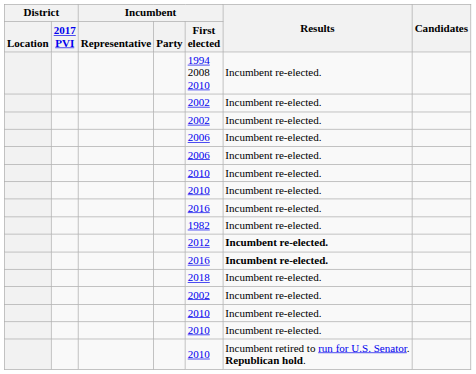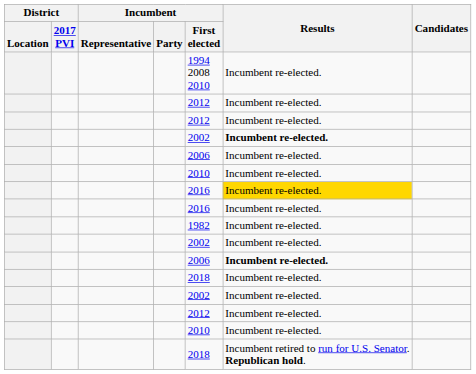 <table class="wikitable sortable">
 <tr>
 <th colspan=2>District</th>
 <th colspan=3>Incumbent</th>
 <th rowspan=2>Results</th>
 <th rowspan=2>Candidates</th>
 </tr>
 <tr valign=bottom>
 <th>Location</th>
 <th><a href='#'>2017<br>PVI</a></th>
 <th>Representative</th>
 <th>Party</th>
 <th>First<br>elected</th>
 </tr>
 <tr>
 <th></th>
 <td></td>
 <td></td>
 <td></td>
 <td><a href='#'>1994</a><br>2008 <br><a href='#'>2010</a></td>
 <td>Incumbent re-elected.</td>
 <td nowrap></td>
 </tr>
 <tr>
 <th></th>
 <td></td>
 <td></td>
 <td></td>
-<td><a href='#'>2002</a></td>
+<td><a href='#'>2012</a></td>
+<td>Incumbent re-elected.</td>
+<td nowrap></td>
+</tr>
+<tr>
+<th></th>
+<td></td>
+<td></td>
+<td></td>
+<td><a href='#'>2012</a></td>
 <td>Incumbent re-elected.</td>
 <td nowrap></td>
 </tr>
 <tr>
 <th></th>
 <td></td>
 <td></td>
 <td></td>
 <td><a href='#'>2002</a></td>
-<td>Incumbent re-elected.</td>
-<td nowrap></td>
-</tr>
-<tr>
-<th></th>
-<td></td>
-<td></td>
-<td></td>
-<td><a href='#'>2006</a></td>
-<td>Incumbent re-elected.</td>
+<td><strong>Incumbent re-elected.</strong></td>
 <td nowrap></td>
 </tr>
 <tr>
 <th></th>
 <td></td>
 <td></td>
 <td></td>
 <td><a href='#'>2006</a></td>
 <td>Incumbent re-elected.</td>
 <td></td>
 </tr>
 <tr>
 <th></th>
 <td></td>
 <td></td>
 <td></td>
 <td><a href='#'>2010</a></td>
 <td>Incumbent re-elected.</td>
 <td nowrap></td>
 </tr>
 <tr>
 <th></th>
 <td></td>
 <td></td>
 <td></td>
-<td><a href='#'>2010</a></td>
-<td>Incumbent re-elected.</td>
+<td><a href='#'>2016</a></td>
+<td style="background: gold;">Incumbent re-elected.</td>
 <td nowrap></td>
 </tr>
 <tr>
 <th></th>
 <td></td>
 <td></td>
 <td></td>
 <td><a href='#'>2016 </a></td>
 <td>Incumbent re-elected.</td>
 <td nowrap></td>
 </tr>
 <tr>
 <th></th>
 <td></td>
 <td></td>
 <td></td>
 <td><a href='#'>1982</a></td>
 <td>Incumbent re-elected.</td>
 <td nowrap></td>
 </tr>
 <tr>
 <th></th>
 <td></td>
 <td></td>
 <td></td>
-<td><a href='#'>2012</a></td>
-<td><strong>Incumbent re-elected.</strong></td>
+<td><a href='#'>2002</a></td>
+<td>Incumbent re-elected.</td>
 <td nowrap></td>
 </tr>
 <tr>
 <th></th>
 <td></td>
 <td></td>
 <td></td>
-<td><a href='#'>2016</a></td>
+<td><a href='#'>2006</a></td>
 <td><strong>Incumbent re-elected.</strong></td>
 <td nowrap></td>
 </tr>
 <tr>
 <th></th>
 <td></td>
 <td></td>
 <td></td>
 <td><a href='#'>2018 </a></td>
 <td>Incumbent re-elected.</td>
 <td nowrap></td>
 </tr>
 <tr>
 <th></th>
 <td></td>
 <td></td>
 <td></td>
 <td><a href='#'>2002</a></td>
 <td>Incumbent re-elected.</td>
 <td nowrap></td>
 </tr>
 <tr>
 <th></th>
 <td></td>
 <td></td>
 <td></td>
-<td><a href='#'>2010</a></td>
+<td><a href='#'>2012</a></td>
 <td>Incumbent re-elected.</td>
 <td nowrap></td>
 </tr>
 <tr>
 <th></th>
 <td></td>
 <td></td>
 <td></td>
 <td><a href='#'>2010</a></td>
 <td>Incumbent re-elected.</td>
 <td nowrap></td>
 </tr>
 <tr>
 <th></th>
 <td></td>
 <td></td>
 <td></td>
-<td><a href='#'>2010</a></td>
+<td><a href='#'>2018</a></td>
 <td>Incumbent retired to <a href='#'>run for U.S. Senator</a>.<br><strong>Republican hold</strong>.</td>
 <td nowrap></td>
 </tr>
 </table>
